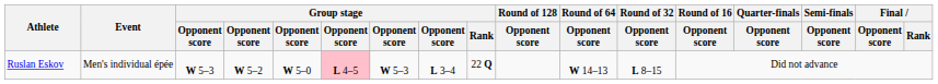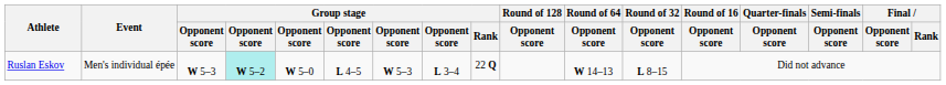 <table class="wikitable" style="font-size:90%; text-align:center">
 <tr>
 <th rowspan="2" width="100">Athlete</th>
 <th rowspan="2">Event</th>
 <th colspan="7">Group stage</th>
 <th>Round of 128</th>
 <th>Round of 64</th>
 <th>Round of 32</th>
 <th>Round of 16</th>
 <th>Quarter-finals</th>
 <th>Semi-finals</th>
 <th colspan="2">Final / </th>
 </tr>
 <tr>
 <th>Opponent<br>score</th>
 <th>Opponent<br>score</th>
 <th>Opponent<br>score</th>
 <th>Opponent<br>score</th>
 <th>Opponent<br>score</th>
 <th>Opponent<br>score</th>
 <th>Rank</th>
 <th>Opponent<br>score</th>
 <th>Opponent<br>score</th>
 <th>Opponent<br>score</th>
 <th>Opponent<br>score</th>
 <th>Opponent<br>score</th>
 <th>Opponent<br>score</th>
 <th>Opponent<br>score</th>
 <th>Rank</th>
 </tr>
 <tr>
 <td align="left"><a href='#'>Ruslan Eskov</a></td>
 <td align="left">Men's individual épée</td>
 <td><br><strong>W</strong> 5–3</td>
-<td><br><strong>W</strong> 5–2</td>
+<td style="background: paleturquoise;"><br><strong>W</strong> 5–2</td>
 <td><br><strong>W</strong> 5–0</td>
-<td style="background: pink;"><br><strong>L</strong> 4–5</td>
+<td><br><strong>L</strong> 4–5</td>
 <td><br><strong>W</strong> 5–3</td>
 <td><br><strong>L</strong> 3–4</td>
 <td>22 <strong>Q</strong></td>
 <td></td>
 <td><br><strong>W</strong> 14–13</td>
 <td><br><strong>L</strong> 8–15</td>
 <td colspan="5">Did not advance</td>
 </tr>
 </table>
